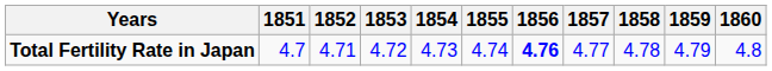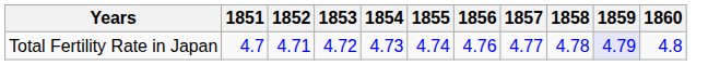 <table class="wikitable " style="text-align:right">
 <tr>
 <th>Years</th>
 <th>1851</th>
 <th>1852</th>
 <th>1853</th>
 <th>1854</th>
 <th>1855</th>
 <th>1856</th>
 <th>1857</th>
 <th>1858</th>
 <th>1859</th>
 <th>1860</th>
 </tr>
 <tr>
-<td align="left"><strong>Total Fertility Rate in Japan</strong></td>
+<td align="left">Total Fertility Rate in Japan</td>
 <td style="text-align:right; color:blue;">4.7</td>
 <td style="text-align:right; color:blue;">4.71</td>
 <td style="text-align:right; color:blue;">4.72</td>
 <td style="text-align:right; color:blue;">4.73</td>
 <td style="text-align:right; color:blue;">4.74</td>
-<td style="text-align:right; color:blue;"><strong>4.76</strong></td>
+<td style="text-align:right; color:blue;">4.76</td>
 <td style="text-align:right; color:blue;">4.77</td>
 <td style="text-align:right; color:blue;">4.78</td>
-<td style="text-align:right; color:blue;">4.79</td>
+<td style="background: lavender; text-align:right; color:blue;">4.79</td>
 <td style="text-align:right; color:blue;">4.8</td>
 </tr>
 </table>
